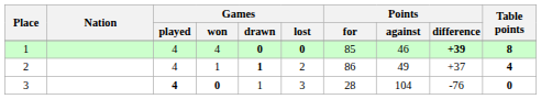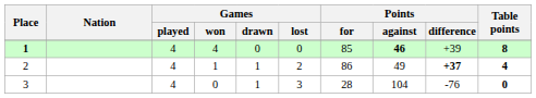 <table class="wikitable">
 <tr>
 <th rowspan=2 width="8%">Place</th>
 <th rowspan=2 width="20%">Nation</th>
 <th colspan=4 width="32%">Games</th>
 <th colspan=3 width="30%">Points</th>
 <th rowspan=2 width="10%">Table<br>points</th>
 </tr>
 <tr>
 <th width="8%">played</th>
 <th width="8%">won</th>
 <th width="8%">drawn</th>
 <th width="8%">lost</th>
 <th width="10%">for</th>
 <th width="10%">against</th>
 <th width="10%">difference</th>
 </tr>
 <tr>
 </tr>
 <tr bgcolor=#ccffcc align=center>
-<td>1</td>
+<td><strong>1</strong></td>
 <td align=left></td>
 <td>4</td>
 <td>4</td>
-<td><strong>0</strong></td>
-<td><strong>0</strong></td>
+<td>0</td>
+<td>0</td>
 <td>85</td>
-<td>46</td>
-<td><strong>+39</strong></td>
+<td><strong>46</strong></td>
+<td>+39</td>
 <td><strong>8</strong></td>
 </tr>
 <tr bgcolor=#ffffff align=center>
 <td>2</td>
 <td align=left></td>
 <td>4</td>
 <td>1</td>
-<td><strong>1</strong></td>
+<td>1</td>
 <td>2</td>
 <td>86</td>
 <td>49</td>
-<td>+37</td>
+<td><strong>+37</strong></td>
 <td><strong>4</strong></td>
 </tr>
 <tr bgcolor=#ffffff align=center>
 <td>3</td>
 <td align=left></td>
-<td><strong>4</strong></td>
-<td><strong>0</strong></td>
+<td>4</td>
+<td>0</td>
 <td>1</td>
 <td>3</td>
 <td>28</td>
 <td>104</td>
 <td>-76</td>
 <td><strong>0</strong></td>
 </tr>
 </table>
